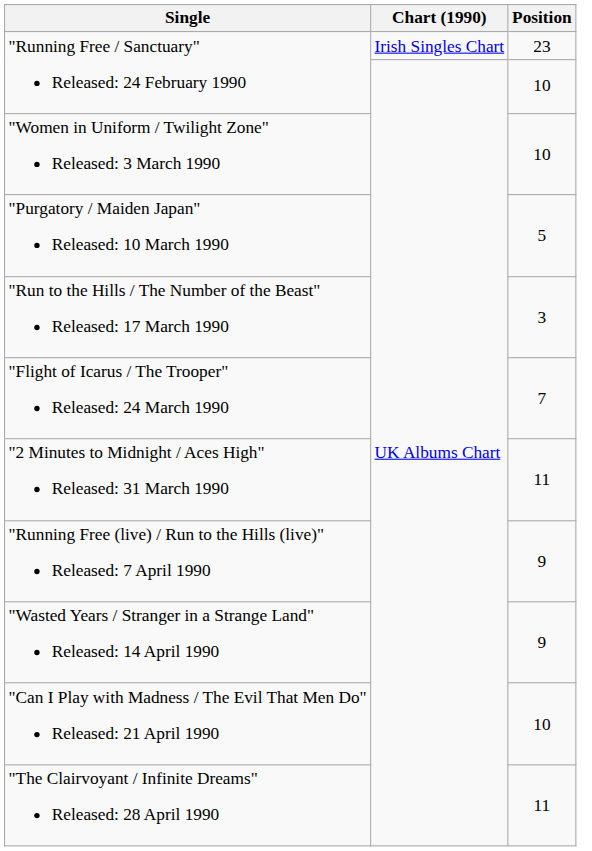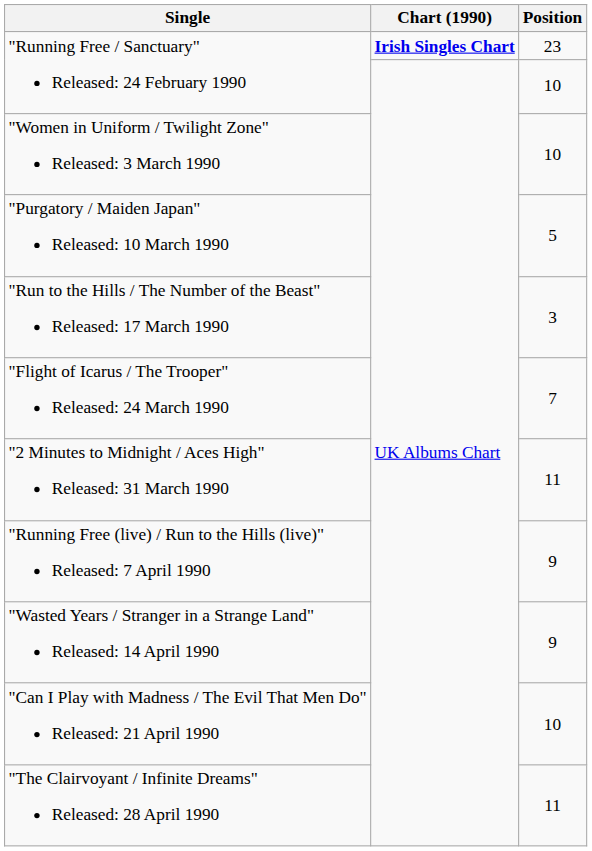 <table class="wikitable sortable">
 <tr>
 <th>Single</th>
 <th>Chart (1990)</th>
 <th>Position</th>
 </tr>
 <tr>
 <td rowspan="2">"Running Free / Sanctuary"<br><ul><li>Released: 24 February 1990</li></ul></td>
-<td><a href='#'>Irish Singles Chart</a></td>
+<td><strong><a href='#'>Irish Singles Chart</a></strong></td>
 <td style="text-align:center;">23</td>
 </tr>
 <tr>
 <td rowspan="10"><a href='#'>UK Albums Chart</a></td>
 <td style="text-align:center;">10</td>
 </tr>
 <tr>
 <td align="left">"Women in Uniform / Twilight Zone"<br><ul><li>Released: 3 March 1990</li></ul></td>
 <td style="text-align:center;">10</td>
 </tr>
 <tr>
 <td align="left">"Purgatory / Maiden Japan"<br><ul><li>Released: 10 March 1990</li></ul></td>
 <td style="text-align:center;">5</td>
 </tr>
 <tr>
 <td align="left">"Run to the Hills / The Number of the Beast"<br><ul><li>Released: 17 March 1990</li></ul></td>
 <td style="text-align:center;">3</td>
 </tr>
 <tr>
 <td align="left">"Flight of Icarus / The Trooper"<br><ul><li>Released: 24 March 1990</li></ul></td>
 <td style="text-align:center;">7</td>
 </tr>
 <tr>
 <td align="left">"2 Minutes to Midnight / Aces High"<br><ul><li>Released: 31 March 1990</li></ul></td>
 <td style="text-align:center;">11</td>
 </tr>
 <tr>
 <td align="left">"Running Free (live) / Run to the Hills (live)"<br><ul><li>Released: 7 April 1990</li></ul></td>
 <td style="text-align:center;">9</td>
 </tr>
 <tr>
 <td align="left">"Wasted Years / Stranger in a Strange Land"<br><ul><li>Released: 14 April 1990</li></ul></td>
 <td style="text-align:center;">9</td>
 </tr>
 <tr>
 <td align="left">"Can I Play with Madness / The Evil That Men Do"<br><ul><li>Released: 21 April 1990</li></ul></td>
 <td style="text-align:center;">10</td>
 </tr>
 <tr>
 <td align="left">"The Clairvoyant / Infinite Dreams"<br><ul><li>Released: 28 April 1990</li></ul></td>
 <td style="text-align:center;">11</td>
 </tr>
 </table>
